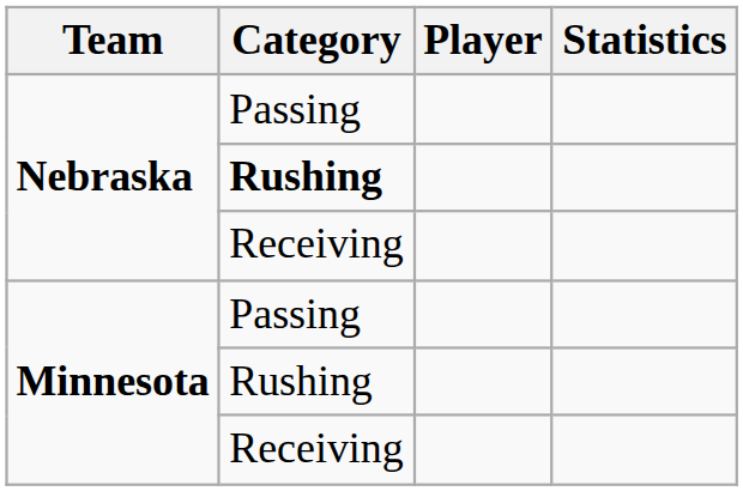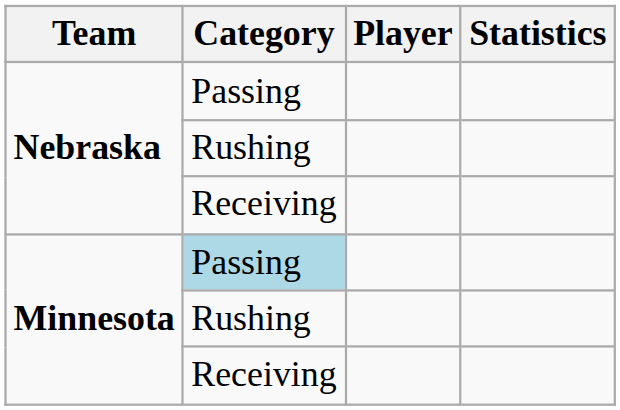 <table class="wikitable" style="float: right;">
 <tr>
 <th>Team</th>
 <th>Category</th>
 <th>Player</th>
 <th>Statistics</th>
 </tr>
 <tr>
 <td rowspan=3><strong>Nebraska</strong></td>
 <td>Passing</td>
 <td></td>
 <td></td>
 </tr>
 <tr>
-<td><strong>Rushing</strong></td>
+<td>Rushing</td>
 <td></td>
 <td></td>
 </tr>
 <tr>
 <td>Receiving</td>
 <td></td>
 <td></td>
 </tr>
 <tr>
 <td rowspan=3><strong>Minnesota</strong></td>
-<td>Passing</td>
+<td style="background: lightblue;">Passing</td>
 <td></td>
 <td></td>
 </tr>
 <tr>
 <td>Rushing</td>
 <td></td>
 <td></td>
 </tr>
 <tr>
 <td>Receiving</td>
 <td></td>
 <td></td>
 </tr>
 </table>
